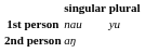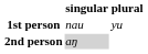 <table>
 <tr>
 <th></th>
 <th>singular</th>
 <th>plural</th>
 </tr>
 <tr>
 <th>1st person</th>
 <td><em>nau</em></td>
 <td><em>yu</em></td>
 </tr>
 <tr>
 <th>2nd person</th>
-<td><em>aŋ</em></td>
+<td style="background: lightgrey;"><em>aŋ</em></td>
 </tr>
 </table>
